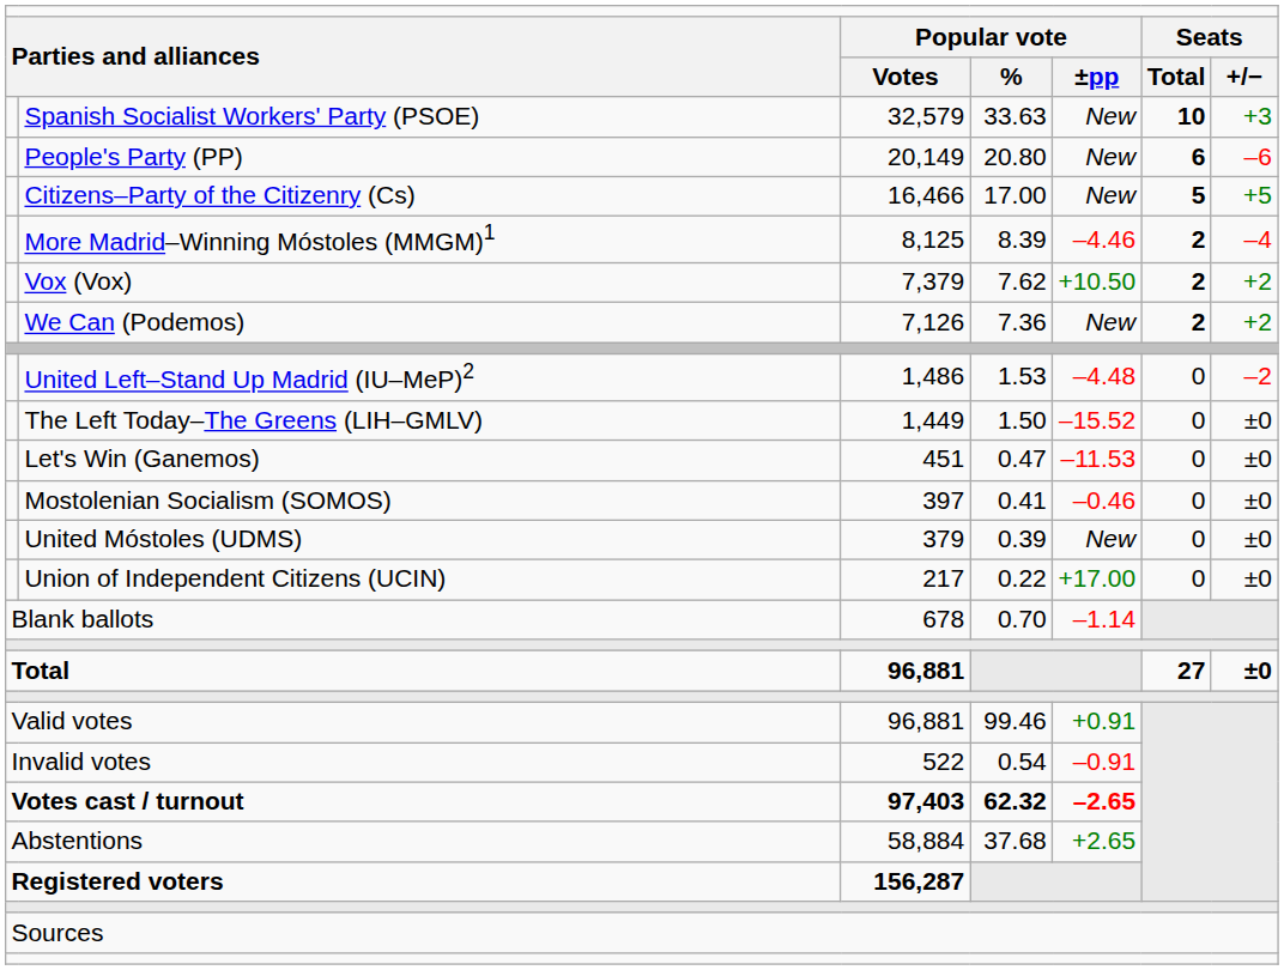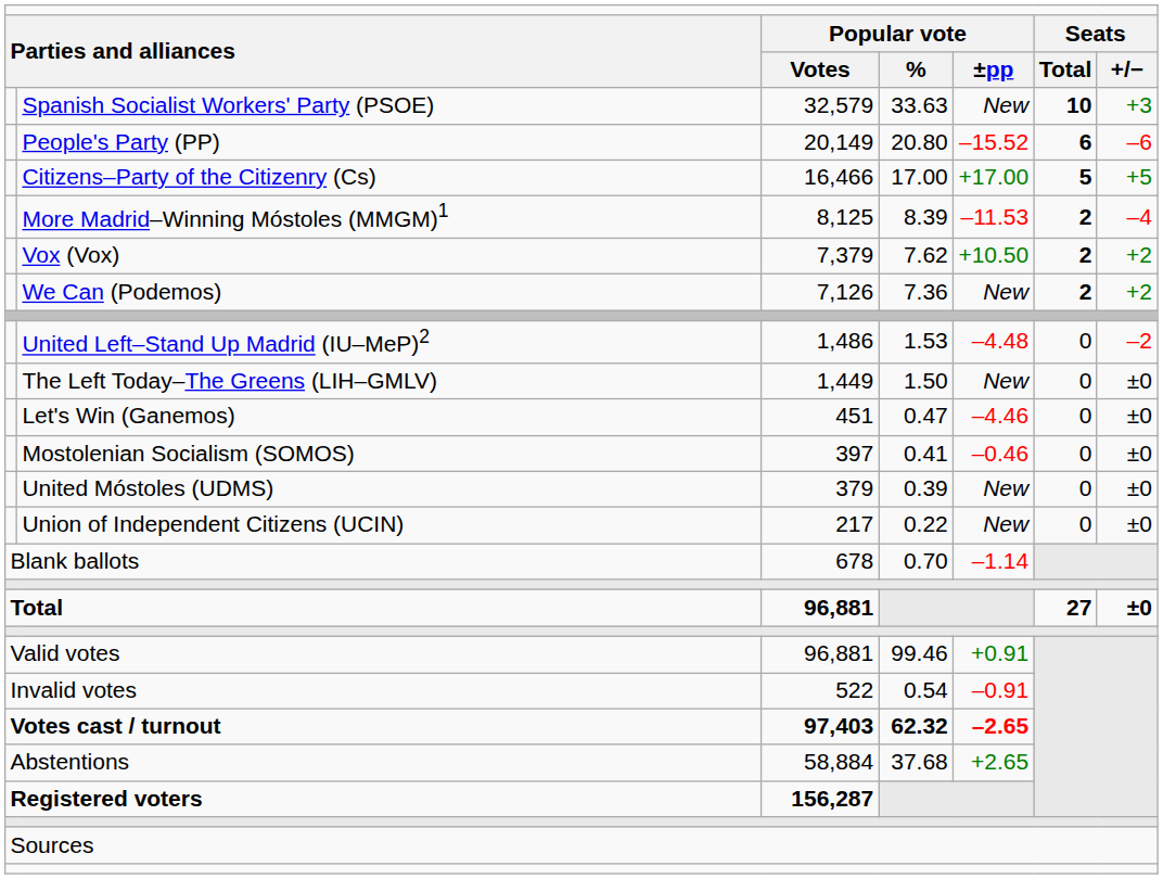 <table class="wikitable" style="text-align:right;">
 <tr>
 <td colspan="7"></td>
 </tr>
 <tr>
 <th style="text-align:left;" rowspan="2" colspan="2" width="525">Parties and alliances</th>
 <th colspan="3">Popular vote</th>
 <th colspan="2">Seats</th>
 </tr>
 <tr>
 <th width="75">Votes</th>
 <th width="45">%</th>
 <th width="45">±<a href='#'>pp</a></th>
 <th width="35">Total</th>
 <th width="35">+/−</th>
 </tr>
 <tr>
 <td width="1" style="color:inherit;background:"></td>
 <td align="left"><a href='#'>Spanish Socialist Workers' Party</a> (PSOE)</td>
 <td>32,579</td>
 <td>33.63</td>
 <td><em>New</em></td>
 <td><strong>10</strong></td>
 <td style="color:green;">+3</td>
 </tr>
 <tr>
 <td style="color:inherit;background:"></td>
 <td align="left"><a href='#'>People's Party</a> (PP)</td>
 <td>20,149</td>
 <td>20.80</td>
-<td><em>New</em></td>
+<td style="color:red;">–15.52</td>
 <td><strong>6</strong></td>
 <td style="color:red;">–6</td>
 </tr>
 <tr>
 <td style="color:inherit;background:"></td>
 <td align="left"><a href='#'>Citizens–Party of the Citizenry</a> (Cs)</td>
 <td>16,466</td>
 <td>17.00</td>
-<td><em>New</em></td>
+<td style="color:green;">+17.00</td>
 <td><strong>5</strong></td>
 <td style="color:green;">+5</td>
 </tr>
 <tr>
 <td style="color:inherit;background:"></td>
 <td align="left"><a href='#'>More Madrid</a>–Winning Móstoles (MMGM)<sup>1</sup></td>
 <td>8,125</td>
 <td>8.39</td>
-<td style="color:red;">–4.46</td>
+<td style="color:red;">–11.53</td>
 <td><strong>2</strong></td>
 <td style="color:red;">–4</td>
 </tr>
 <tr>
 <td style="color:inherit;background:"></td>
 <td align="left"><a href='#'>Vox</a> (Vox)</td>
 <td>7,379</td>
 <td>7.62</td>
 <td style="color:green;">+10.50</td>
 <td><strong>2</strong></td>
 <td style="color:green;">+2</td>
 </tr>
 <tr>
 <td style="color:inherit;background:"></td>
 <td align="left"><a href='#'>We Can</a> (Podemos)</td>
 <td>7,126</td>
 <td>7.36</td>
 <td><em>New</em></td>
 <td><strong>2</strong></td>
 <td style="color:green;">+2</td>
 </tr>
 <tr>
 <td colspan="7" bgcolor="#C0C0C0"></td>
 </tr>
 <tr>
 <td style="color:inherit;background:"></td>
 <td align="left"><a href='#'>United Left–Stand Up Madrid</a> (IU–MeP)<sup>2</sup></td>
 <td>1,486</td>
 <td>1.53</td>
 <td style="color:red;">–4.48</td>
 <td>0</td>
 <td style="color:red;">–2</td>
 </tr>
 <tr>
 <td style="color:inherit;background:"></td>
 <td align="left">The Left Today–<a href='#'>The Greens</a> (LIH–GMLV)</td>
 <td>1,449</td>
 <td>1.50</td>
-<td style="color:red;">–15.52</td>
+<td><em>New</em></td>
 <td>0</td>
 <td>±0</td>
 </tr>
 <tr>
 <td style="color:inherit;background:"></td>
 <td align="left">Let's Win (Ganemos)</td>
 <td>451</td>
 <td>0.47</td>
-<td style="color:red;">–11.53</td>
+<td style="color:red;">–4.46</td>
 <td>0</td>
 <td>±0</td>
 </tr>
 <tr>
 <td style="color:inherit;background:"></td>
 <td align="left">Mostolenian Socialism (SOMOS)</td>
 <td>397</td>
 <td>0.41</td>
 <td style="color:red;">–0.46</td>
 <td>0</td>
 <td>±0</td>
 </tr>
 <tr>
 <td style="color:inherit;background:"></td>
 <td align="left">United Móstoles (UDMS)</td>
 <td>379</td>
 <td>0.39</td>
 <td><em>New</em></td>
 <td>0</td>
 <td>±0</td>
 </tr>
 <tr>
 <td style="color:inherit;background:"></td>
 <td align="left">Union of Independent Citizens (UCIN)</td>
 <td>217</td>
 <td>0.22</td>
-<td style="color:green;">+17.00</td>
+<td><em>New</em></td>
 <td>0</td>
 <td>±0</td>
 </tr>
 <tr>
 <td align="left" colspan="2">Blank ballots</td>
 <td>678</td>
 <td>0.70</td>
 <td style="color:red;">–1.14</td>
 <td bgcolor="#E9E9E9" colspan="2"></td>
 </tr>
 <tr>
 <td colspan="7" bgcolor="#E9E9E9"></td>
 </tr>
 <tr style="font-weight:bold;">
 <td align="left" colspan="2">Total</td>
 <td>96,881</td>
 <td bgcolor="#E9E9E9" colspan="2"></td>
 <td>27</td>
 <td>±0</td>
 </tr>
 <tr>
 <td colspan="7" bgcolor="#E9E9E9"></td>
 </tr>
 <tr>
 <td align="left" colspan="2">Valid votes</td>
 <td>96,881</td>
 <td>99.46</td>
 <td style="color:green;">+0.91</td>
 <td bgcolor="#E9E9E9" colspan="2" rowspan="5"></td>
 </tr>
 <tr>
 <td align="left" colspan="2">Invalid votes</td>
 <td>522</td>
 <td>0.54</td>
 <td style="color:red;">–0.91</td>
 </tr>
 <tr style="font-weight:bold;">
 <td align="left" colspan="2">Votes cast / turnout</td>
 <td>97,403</td>
 <td>62.32</td>
 <td style="color:red;">–2.65</td>
 </tr>
 <tr>
 <td align="left" colspan="2">Abstentions</td>
 <td>58,884</td>
 <td>37.68</td>
 <td style="color:green;">+2.65</td>
 </tr>
 <tr style="font-weight:bold;">
 <td align="left" colspan="2">Registered voters</td>
 <td>156,287</td>
 <td bgcolor="#E9E9E9" colspan="2"></td>
 </tr>
 <tr>
 <td colspan="7" bgcolor="#E9E9E9"></td>
 </tr>
 <tr>
 <td align="left" colspan="7">Sources</td>
 </tr>
 <tr>
 <td colspan="7" style="text-align:left; max-width:790px;"></td>
 </tr>
 </table>
